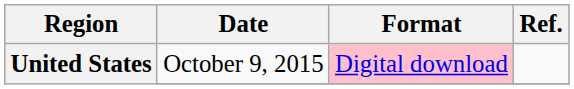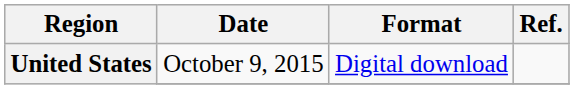 <table class="wikitable plainrowheaders">
 <tr>
 <th>Region</th>
 <th>Date</th>
 <th>Format</th>
 <th>Ref.</th>
 </tr>
 <tr>
 <th scope="row" rowspan="2">United States</th>
 <td rowspan="1">October 9, 2015</td>
-<td rowspan="1" style="background: pink;"><a href='#'>Digital download</a></td>
+<td rowspan="1"><a href='#'>Digital download</a></td>
 <td style="text-align:center;"></td>
 </tr>
 <tr>
 </tr>
 </table>
